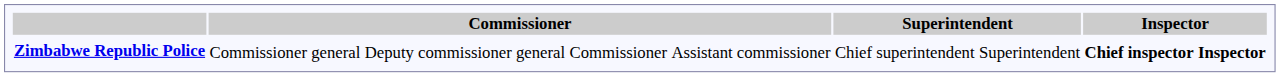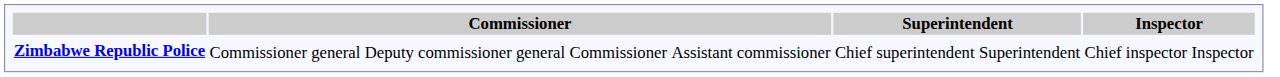 <table style="border:1px solid #8888aa; background-color:#f7f8ff; padding:5px; font-size:95%; margin: 0px 12px 12px 0px;">
 <tr style="background-color:#CCCCCC;">
 <th></th>
 <th colspan=4>Commissioner</th>
 <th colspan=2>Superintendent</th>
 <th colspan=2>Inspector</th>
 </tr>
 <tr style="text-align:center;">
 <td rowspan=2> <strong><a href='#'>Zimbabwe Republic Police</a></strong></td>
 <td></td>
 <td></td>
 <td></td>
 <td></td>
 <td></td>
 <td></td>
 <td></td>
 <td></td>
 </tr>
 <tr style="text-align:center;">
 <td>Commissioner general</td>
 <td>Deputy commissioner general</td>
 <td>Commissioner</td>
 <td>Assistant commissioner</td>
 <td>Chief superintendent</td>
 <td>Superintendent</td>
-<td><strong>Chief inspector</strong></td>
-<td><strong>Inspector</strong></td>
+<td>Chief inspector</td>
+<td>Inspector</td>
 </tr>
 </table>
